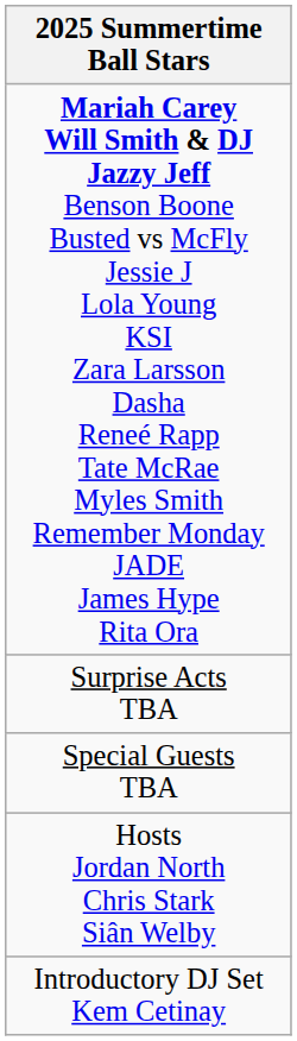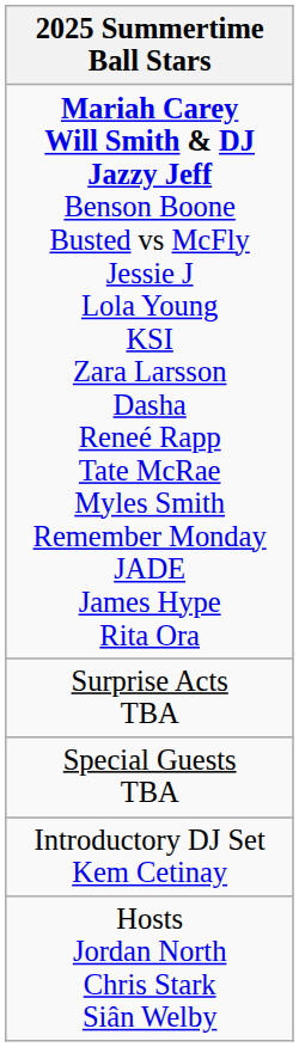 <table class="wikitable">
 <tr>
 <th>2025 Summertime Ball Stars</th>
 </tr>
 <tr>
 <td style="text-align:center; vertical-align:top; width:150px;"><strong><a href='#'>Mariah Carey</a></strong>  <br><strong><a href='#'>Will Smith</a> & <a href='#'>DJ Jazzy Jeff</a></strong> <br><a href='#'>Benson Boone</a> <br><a href='#'>Busted</a> vs <a href='#'>McFly</a> <br><a href='#'>Jessie J</a> <br><a href='#'>Lola Young</a> <br> <a href='#'>KSI</a> <br><a href='#'>Zara Larsson</a> <br><a href='#'>Dasha</a> <br><a href='#'>Reneé Rapp</a> <br><a href='#'>Tate McRae</a> <br><a href='#'>Myles Smith</a> <br><a href='#'>Remember Monday</a> <br><a href='#'>JADE</a> <br><a href='#'>James Hype</a> <br><a href='#'>Rita Ora</a></td>
 </tr>
 <tr>
 <td style="text-align:center; vertical-align:top; width:150px;"><u>Surprise Acts</u><br>TBA</td>
 </tr>
 <tr>
 <td style="text-align:center; vertical-align:top; width:150px;"><u>Special Guests</u><br>TBA</td>
 </tr>
 <tr>
+<td style="text-align:center; vertical-align:top; width:150px;">Introductory DJ Set<br><a href='#'>Kem Cetinay</a></td>
+</tr>
+<tr>
 <td style="text-align:center; vertical-align:top; width:150px;">Hosts<br><a href='#'>Jordan North</a><br><a href='#'>Chris Stark</a><br><a href='#'>Siân Welby</a></td>
 </tr>
-<tr>
-<td style="text-align:center; vertical-align:top; width:150px;">Introductory DJ Set<br><a href='#'>Kem Cetinay</a></td>
-</tr>
 </table>
